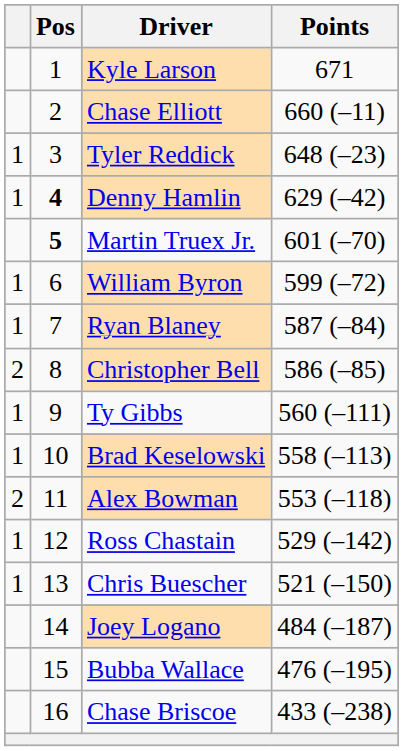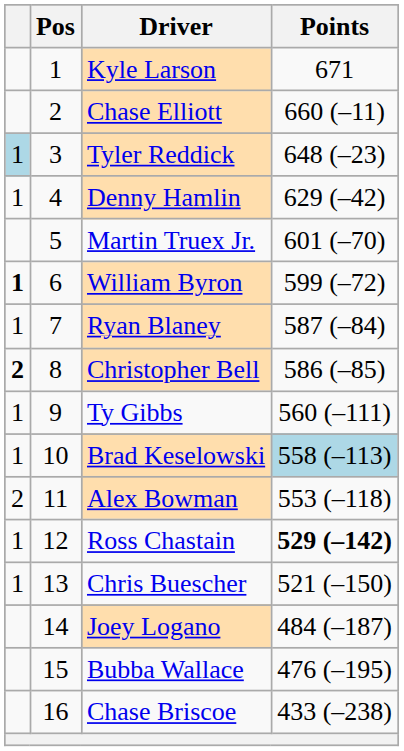 <table class="wikitable" style="font-size: 95%;">
 <tr>
 <th></th>
 <th>Pos</th>
 <th>Driver</th>
 <th>Points</th>
 </tr>
 <tr>
 <td align="left"></td>
 <td style="text-align:center;">1</td>
 <td style="background:#FFDEAD;"><a href='#'>Kyle Larson</a></td>
 <td style="text-align:center;">671</td>
 </tr>
 <tr>
 <td align="left"></td>
 <td style="text-align:center;">2</td>
 <td style="background:#FFDEAD;"><a href='#'>Chase Elliott</a></td>
 <td style="text-align:center;">660 (–11)</td>
 </tr>
 <tr>
-<td align="left"> 1</td>
+<td align="left" style="background: lightblue;"> 1</td>
 <td style="text-align:center;">3</td>
 <td style="background:#FFDEAD;"><a href='#'>Tyler Reddick</a></td>
 <td style="text-align:center;">648 (–23)</td>
 </tr>
 <tr>
 <td align="left"> 1</td>
-<td style="text-align:center;"><strong>4</strong></td>
+<td style="text-align:center;">4</td>
 <td style="background:#FFDEAD;"><a href='#'>Denny Hamlin</a></td>
 <td style="text-align:center;">629 (–42)</td>
 </tr>
 <tr>
 <td align="left"></td>
-<td style="text-align:center;"><strong>5</strong></td>
+<td style="text-align:center;">5</td>
 <td><a href='#'>Martin Truex Jr.</a></td>
 <td style="text-align:center;">601 (–70)</td>
 </tr>
 <tr>
-<td align="left"> 1</td>
+<td align="left"><strong> 1</strong></td>
 <td style="text-align:center;">6</td>
 <td style="background:#FFDEAD;"><a href='#'>William Byron</a></td>
 <td style="text-align:center;">599 (–72)</td>
 </tr>
 <tr>
 <td align="left"> 1</td>
 <td style="text-align:center;">7</td>
 <td style="background:#FFDEAD;"><a href='#'>Ryan Blaney</a></td>
 <td style="text-align:center;">587 (–84)</td>
 </tr>
 <tr>
-<td align="left"> 2</td>
+<td align="left"><strong> 2</strong></td>
 <td style="text-align:center;">8</td>
 <td style="background:#FFDEAD;"><a href='#'>Christopher Bell</a></td>
 <td style="text-align:center;">586 (–85)</td>
 </tr>
 <tr>
 <td align="left"> 1</td>
 <td style="text-align:center;">9</td>
 <td><a href='#'>Ty Gibbs</a></td>
 <td style="text-align:center;">560 (–111)</td>
 </tr>
 <tr>
 <td align="left"> 1</td>
 <td style="text-align:center;">10</td>
 <td style="background:#FFDEAD;"><a href='#'>Brad Keselowski</a></td>
-<td style="text-align:center;">558 (–113)</td>
+<td style="background: lightblue; text-align:center;">558 (–113)</td>
 </tr>
 <tr>
 <td align="left"> 2</td>
 <td style="text-align:center;">11</td>
 <td style="background:#FFDEAD;"><a href='#'>Alex Bowman</a></td>
 <td style="text-align:center;">553 (–118)</td>
 </tr>
 <tr>
 <td align="left"> 1</td>
 <td style="text-align:center;">12</td>
 <td><a href='#'>Ross Chastain</a></td>
-<td style="text-align:center;">529 (–142)</td>
+<td style="text-align:center;"><strong>529 (–142)</strong></td>
 </tr>
 <tr>
 <td align="left"> 1</td>
 <td style="text-align:center;">13</td>
 <td><a href='#'>Chris Buescher</a></td>
 <td style="text-align:center;">521 (–150)</td>
 </tr>
 <tr>
 <td align="left"></td>
 <td style="text-align:center;">14</td>
 <td style="background:#FFDEAD;"><a href='#'>Joey Logano</a></td>
 <td style="text-align:center;">484 (–187)</td>
 </tr>
 <tr>
 <td align="left"></td>
 <td style="text-align:center;">15</td>
 <td><a href='#'>Bubba Wallace</a></td>
 <td style="text-align:center;">476 (–195)</td>
 </tr>
 <tr>
 <td align="left"></td>
 <td style="text-align:center;">16</td>
 <td><a href='#'>Chase Briscoe</a></td>
 <td style="text-align:center;">433 (–238)</td>
 </tr>
 <tr class="sortbottom">
 <th colspan="9"></th>
 </tr>
 </table>
